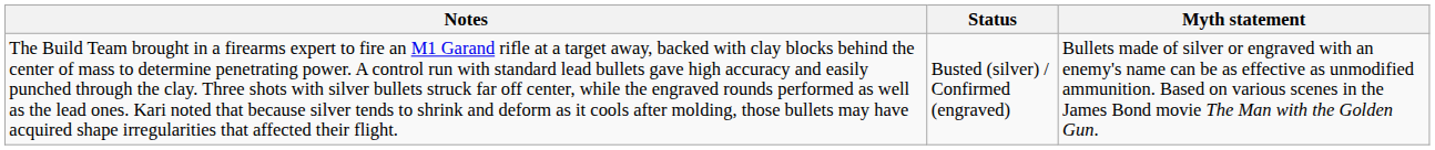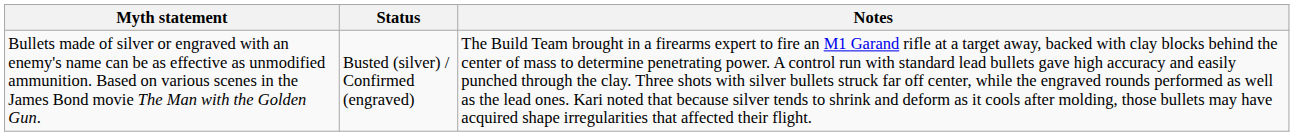 <table class="wikitable plainrowheaders">
 <tr>
+<th>Myth statement</th>
+<th>Status</th>
 <th>Notes</th>
-<th>Status</th>
-<th>Myth statement</th>
 </tr>
 <tr>
+<td>Bullets made of silver or engraved with an enemy's name can be as effective as unmodified ammunition. Based on various scenes in the James Bond movie <em>The Man with the Golden Gun</em>.</td>
+<td><span>Busted</span> (silver) / <span>Confirmed</span> (engraved)</td>
 <td>The Build Team brought in a firearms expert to fire an <a href='#'>M1 Garand</a> rifle at a target  away, backed with clay blocks behind the center of mass to determine penetrating power. A control run with standard lead bullets gave high accuracy and easily punched through the clay. Three shots with silver bullets struck far off center, while the engraved rounds performed as well as the lead ones. Kari noted that because silver tends to shrink and deform as it cools after molding, those bullets may have acquired shape irregularities that affected their flight.</td>
-<td><span>Busted</span> (silver) / <span>Confirmed</span> (engraved)</td>
-<td>Bullets made of silver or engraved with an enemy's name can be as effective as unmodified ammunition. Based on various scenes in the James Bond movie <em>The Man with the Golden Gun</em>.</td>
 </tr>
 </table>
